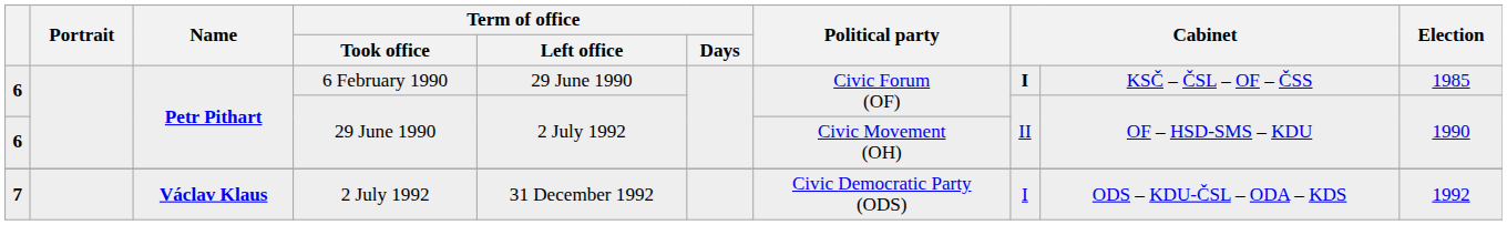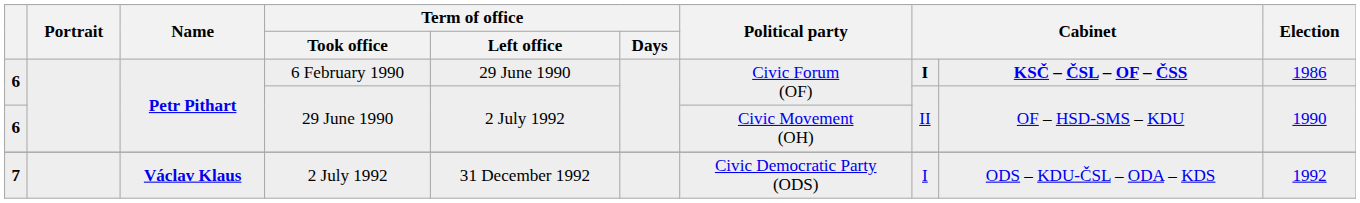 <table class="wikitable" border="1px #AAAAFF solid" style="text-align:center; width:100%">
 <tr>
 <th rowspan=2></th>
 <th width=80 rowspan=2>Portrait</th>
 <th rowspan=2>Name<br></th>
 <th colspan=3>Term of office</th>
 <th rowspan=2>Political party</th>
 <th rowspan=2 colspan=2>Cabinet</th>
 <th rowspan=2>Election</th>
 </tr>
 <tr>
 <th>Took office</th>
 <th>Left office</th>
 <th>Days</th>
 </tr>
 <tr style="background:#EEEEEE">
 <td rowspan=2 style="background:"><strong>6</strong></td>
 <td rowspan=3></td>
 <td rowspan=3><strong><a href='#'>Petr Pithart</a></strong><br></td>
 <td>6 February 1990</td>
 <td>29 June 1990</td>
 <td rowspan=3></td>
 <td rowspan=2><a href='#'>Civic Forum</a><br>(OF)</td>
 <td><strong>I</strong></td>
-<td><a href='#'>KSČ</a> – <a href='#'>ČSL</a> – <a href='#'>OF</a> – <a href='#'>ČSS</a></td>
-<td><a href='#'>1985</a></td>
+<td><strong><a href='#'>KSČ</a> – <a href='#'>ČSL</a> – <a href='#'>OF</a> – <a href='#'>ČSS</a></strong></td>
+<td><a href='#'>1986</a></td>
 </tr>
 <tr style="background:#EEEEEE">
 <td rowspan=2>29 June 1990</td>
 <td rowspan=2>2 July 1992</td>
 <td rowspan=2><a href='#'>II</a></td>
 <td rowspan=2><a href='#'>OF</a> – <a href='#'>HSD-SMS</a> – <a href='#'>KDU</a><br></td>
 <td rowspan=2><a href='#'>1990</a></td>
 </tr>
 <tr style="background:#EEEEEE">
 <td style="background:"><strong>6</strong></td>
 <td><a href='#'>Civic Movement</a><br>(OH)</td>
 </tr>
 <tr>
 </tr>
 <tr style="background:#EEEEEE">
 <td rowspan=2 style="background:"><strong>7</strong></td>
 <td rowspan=2></td>
 <td rowspan=2><strong><a href='#'>Václav Klaus</a></strong><br></td>
 <td>2 July 1992</td>
 <td>31 December 1992</td>
 <td rowspan=2></td>
 <td rowspan=2><a href='#'>Civic Democratic Party</a><br>(ODS)</td>
 <td><a href='#'>I</a></td>
 <td><a href='#'>ODS</a> – <a href='#'>KDU-ČSL</a> – <a href='#'>ODA</a> – <a href='#'>KDS</a></td>
 <td><a href='#'>1992</a></td>
 </tr>
 </table>
